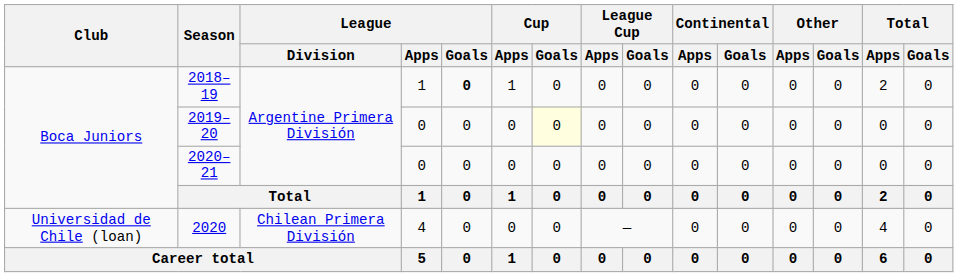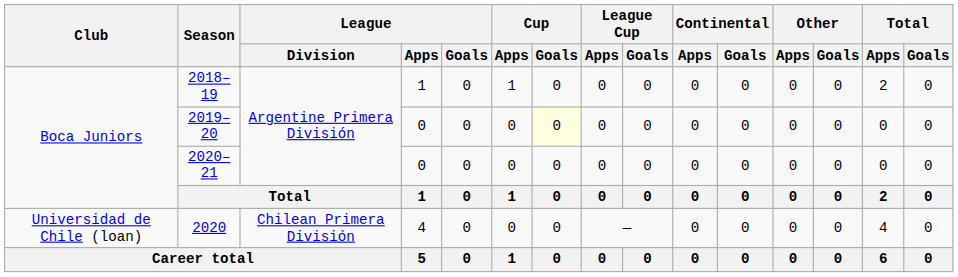 <table class="wikitable" style="text-align:center">
 <tr>
 <th rowspan="2">Club</th>
 <th rowspan="2">Season</th>
 <th colspan="3">League</th>
 <th colspan="2">Cup</th>
 <th colspan="2">League Cup</th>
 <th colspan="2">Continental</th>
 <th colspan="2">Other</th>
 <th colspan="2">Total</th>
 </tr>
 <tr>
 <th>Division</th>
 <th>Apps</th>
 <th>Goals</th>
 <th>Apps</th>
 <th>Goals</th>
 <th>Apps</th>
 <th>Goals</th>
 <th>Apps</th>
 <th>Goals</th>
 <th>Apps</th>
 <th>Goals</th>
 <th>Apps</th>
 <th>Goals</th>
 </tr>
 <tr>
 <td rowspan="4"><a href='#'>Boca Juniors</a></td>
 <td><a href='#'>2018–19</a></td>
 <td rowspan="3"><a href='#'>Argentine Primera División</a></td>
 <td>1</td>
-<td><strong>0</strong></td>
+<td>0</td>
 <td>1</td>
 <td>0</td>
 <td>0</td>
 <td>0</td>
 <td>0</td>
 <td>0</td>
 <td>0</td>
 <td>0</td>
 <td>2</td>
 <td>0</td>
 </tr>
 <tr>
 <td><a href='#'>2019–20</a></td>
 <td>0</td>
 <td>0</td>
 <td>0</td>
 <td style="background: lightyellow;">0</td>
 <td>0</td>
 <td>0</td>
 <td>0</td>
 <td>0</td>
 <td>0</td>
 <td>0</td>
 <td>0</td>
 <td>0</td>
 </tr>
 <tr>
 <td><a href='#'>2020–21</a></td>
 <td>0</td>
 <td>0</td>
 <td>0</td>
 <td>0</td>
 <td>0</td>
 <td>0</td>
 <td>0</td>
 <td>0</td>
 <td>0</td>
 <td>0</td>
 <td>0</td>
 <td>0</td>
 </tr>
 <tr>
 <th colspan="2">Total</th>
 <th>1</th>
 <th>0</th>
 <th>1</th>
 <th>0</th>
 <th>0</th>
 <th>0</th>
 <th>0</th>
 <th>0</th>
 <th>0</th>
 <th>0</th>
 <th>2</th>
 <th>0</th>
 </tr>
 <tr>
 <td rowspan="1"><a href='#'>Universidad de Chile</a> (loan)</td>
 <td><a href='#'>2020</a></td>
 <td rowspan="1"><a href='#'>Chilean Primera División</a></td>
 <td>4</td>
 <td>0</td>
 <td>0</td>
 <td>0</td>
 <td colspan="2">—</td>
 <td>0</td>
 <td>0</td>
 <td>0</td>
 <td>0</td>
 <td>4</td>
 <td>0</td>
 </tr>
 <tr>
 <th colspan="3">Career total</th>
 <th>5</th>
 <th>0</th>
 <th>1</th>
 <th>0</th>
 <th>0</th>
 <th>0</th>
 <th>0</th>
 <th>0</th>
 <th>0</th>
 <th>0</th>
 <th>6</th>
 <th>0</th>
 </tr>
 </table>
